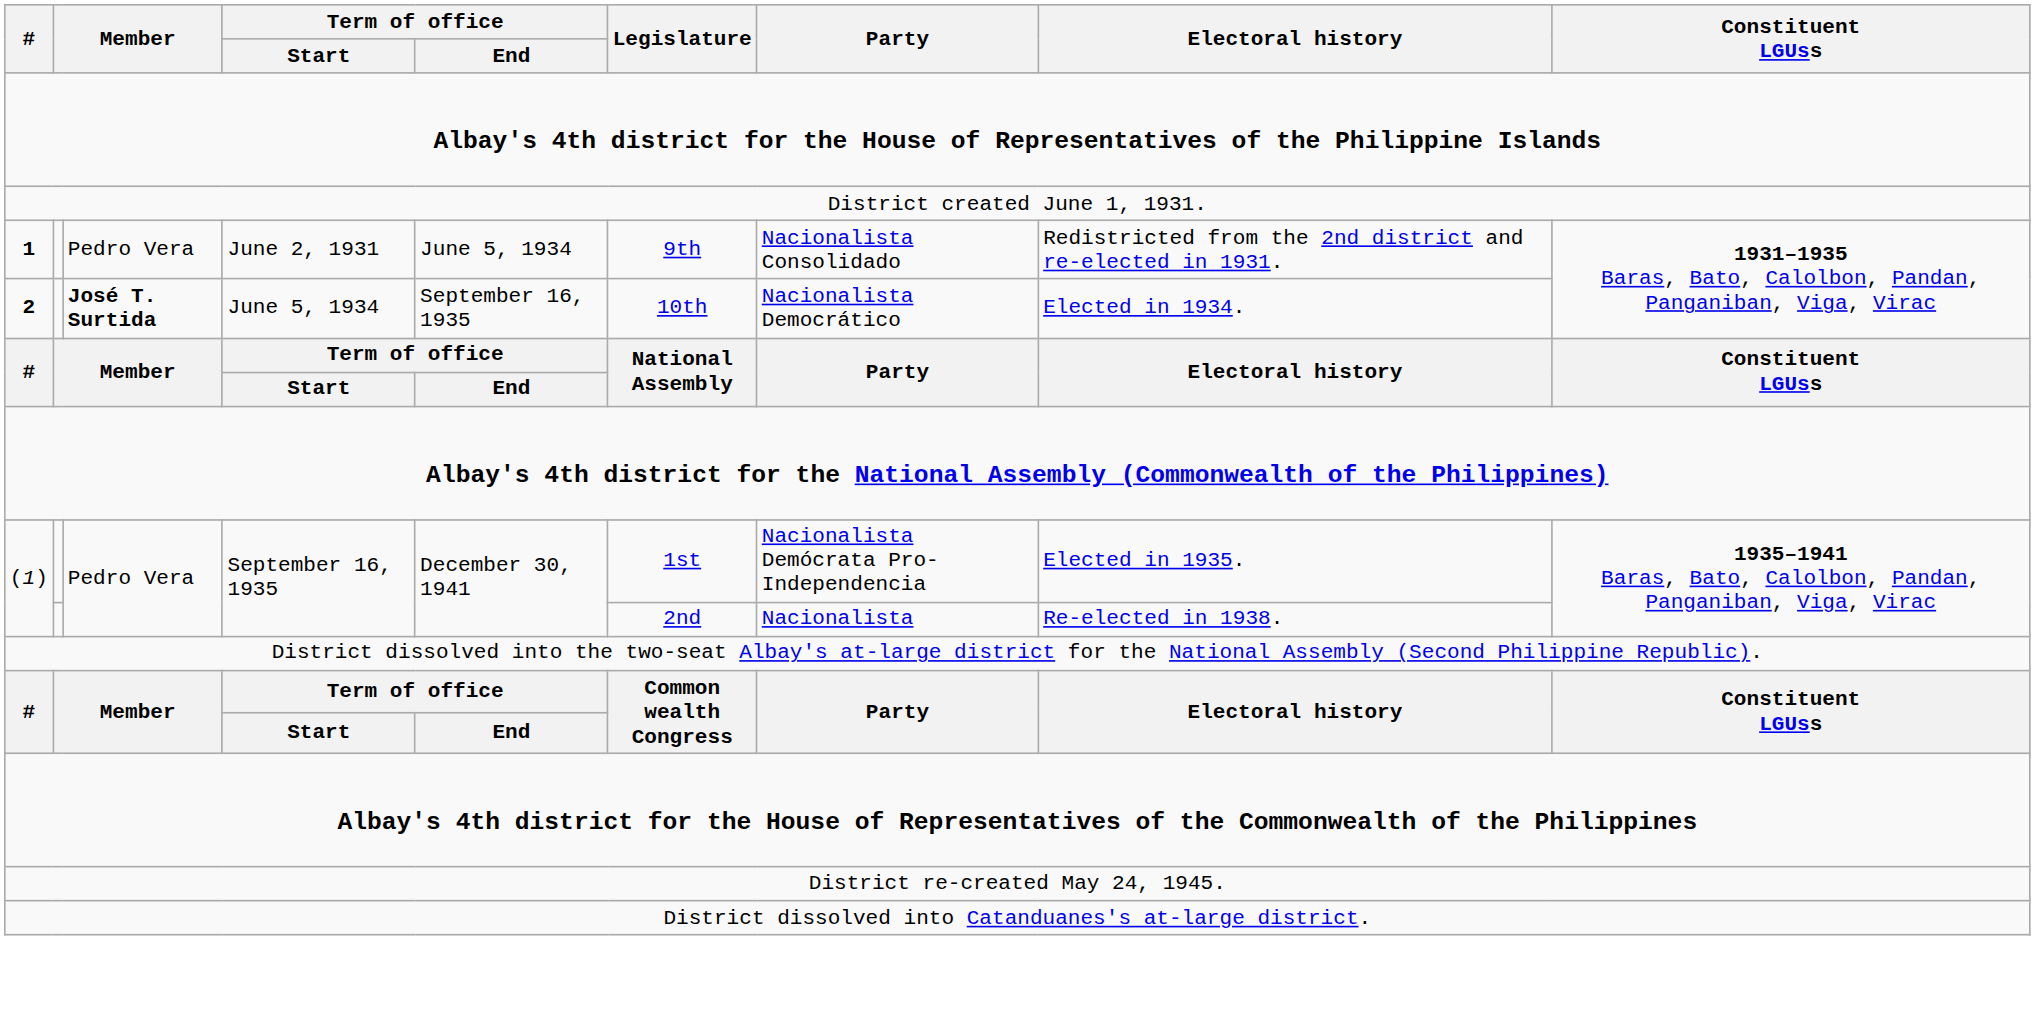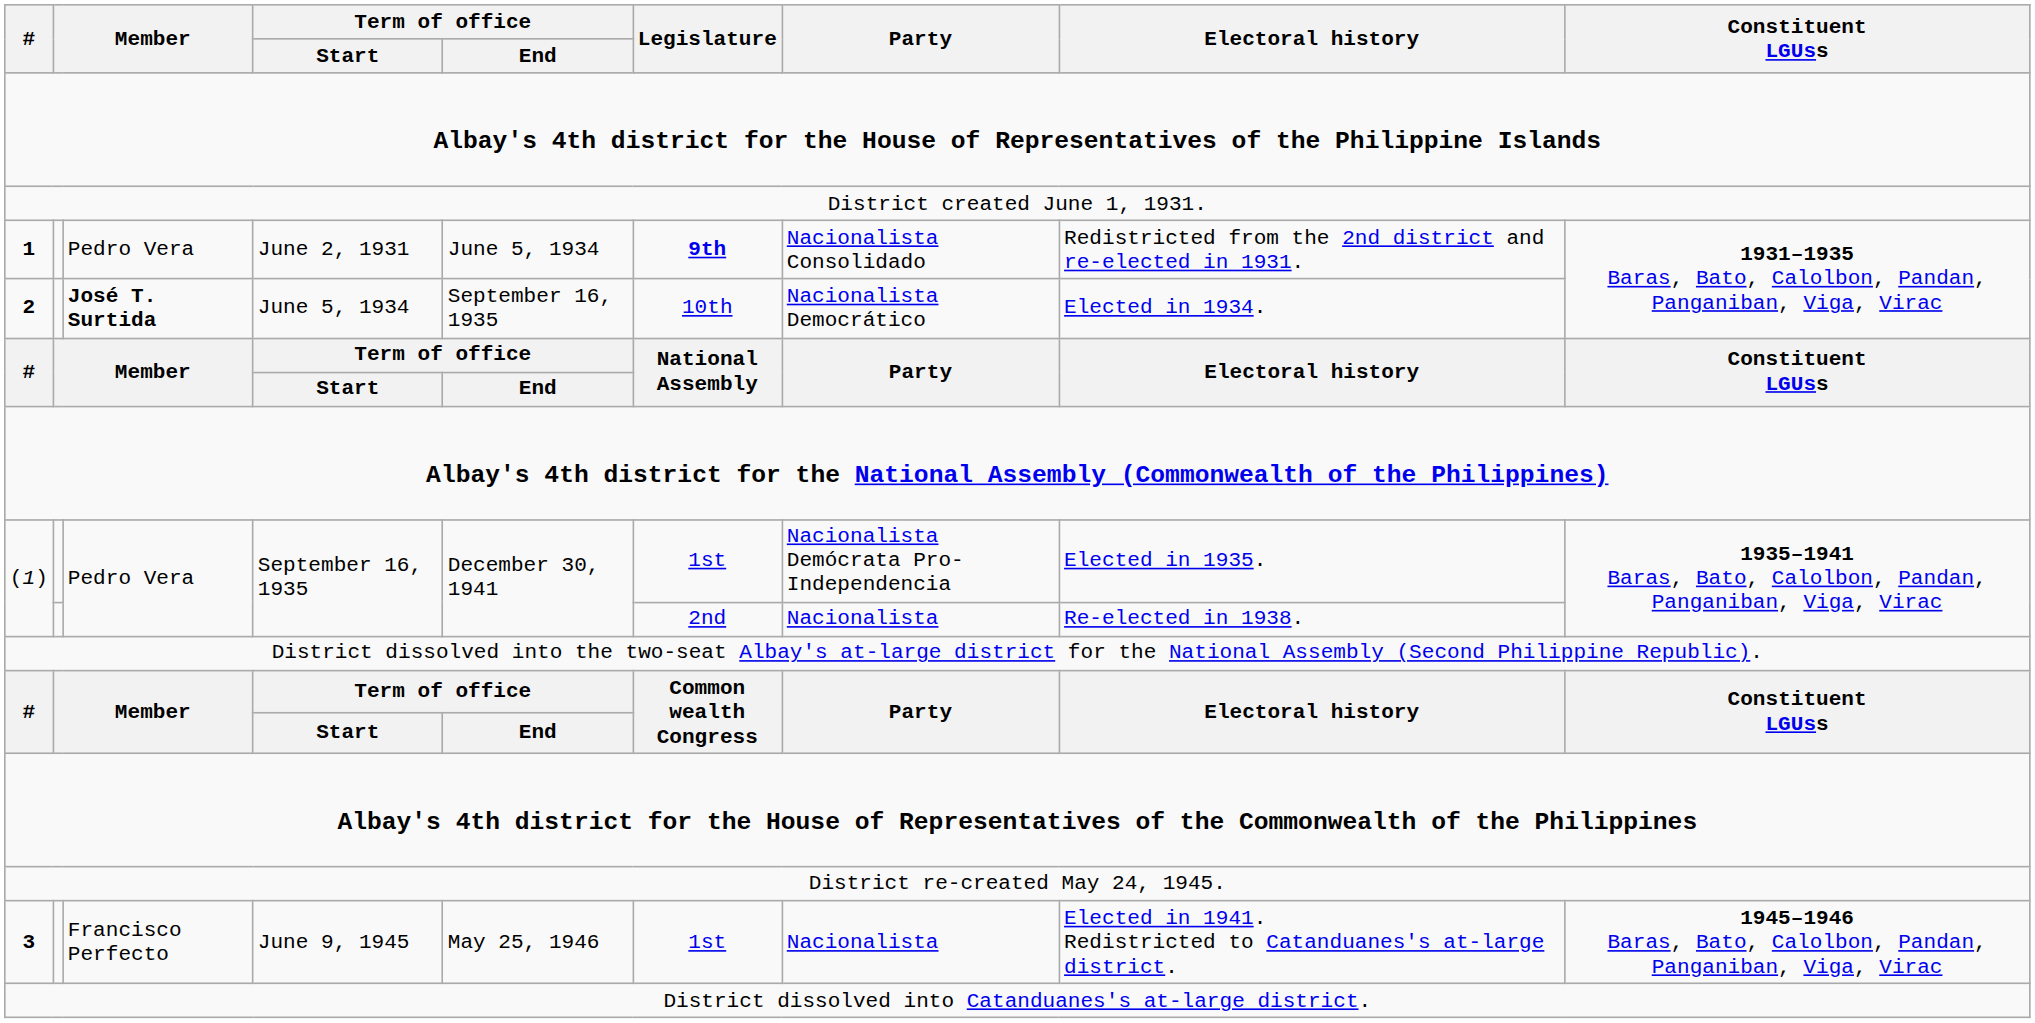 <table class=wikitable>
 <tr>
 <th rowspan="2">#</th>
 <th rowspan="2" colspan=2>Member</th>
 <th colspan=2>Term of office</th>
 <th rowspan="2">Legislature</th>
 <th rowspan="2">Party</th>
 <th rowspan="2">Electoral history</th>
 <th rowspan="2">Constituent<br><a href='#'>LGUs</a>s</th>
 </tr>
 <tr>
 <th>Start</th>
 <th>End</th>
 </tr>
 <tr>
 <td colspan="9" style="text-align:center;"><br><h3>Albay's 4th district for the House of Representatives of the Philippine Islands</h3></td>
 </tr>
 <tr>
 <td colspan="9" style="text-align:center;">District created June 1, 1931. </td>
 </tr>
 <tr>
 <td style="text-align:center;"><strong>1</strong></td>
 <td style="color:inherit;background:"></td>
 <td>Pedro Vera</td>
 <td>June 2, 1931</td>
 <td>June 5, 1934</td>
-<td style="text-align:center;"><a href='#'>9th</a></td>
+<td style="text-align:center;"><strong><a href='#'>9th</a></strong></td>
 <td><a href='#'>Nacionalista</a><br>Consolidado</td>
 <td>Redistricted from the <a href='#'>2nd district</a> and <a href='#'>re-elected in 1931</a>.</td>
 <td rowspan="2" style="text-align:center;"><strong>1931–1935</strong><br><a href='#'>Baras</a>, <a href='#'>Bato</a>, <a href='#'>Calolbon</a>, <a href='#'>Pandan</a>, <a href='#'>Panganiban</a>, <a href='#'>Viga</a>, <a href='#'>Virac</a></td>
 </tr>
 <tr>
 <td style="text-align:center;"><strong>2</strong></td>
 <td style="color:inherit;background:"></td>
 <td><strong>José T. Surtida</strong></td>
 <td>June 5, 1934</td>
 <td>September 16, 1935</td>
 <td style="text-align:center;"><a href='#'>10th</a></td>
 <td><a href='#'>Nacionalista</a><br>Democrático</td>
 <td><a href='#'>Elected in 1934</a>.</td>
 </tr>
 <tr>
 <th rowspan="2">#</th>
 <th rowspan="2" colspan=2>Member</th>
 <th colspan=2>Term of office</th>
 <th rowspan="2">National<br>Assembly</th>
 <th rowspan="2">Party</th>
 <th rowspan="2">Electoral history</th>
 <th rowspan="2">Constituent<br><a href='#'>LGUs</a>s</th>
 </tr>
 <tr>
 <th>Start</th>
 <th>End</th>
 </tr>
 <tr>
 <td colspan="9" style="text-align:center;"><br><h3>Albay's 4th district for the <a href='#'>National Assembly (Commonwealth of the Philippines)</a></h3></td>
 </tr>
 <tr>
 <td rowspan="2" style="text-align:center;">(<em>1</em>)</td>
 <td style="color:inherit;background:"></td>
 <td rowspan="2">Pedro Vera</td>
 <td rowspan="2">September 16, 1935</td>
 <td rowspan="2">December 30, 1941</td>
 <td style="text-align:center;"><a href='#'>1st</a></td>
 <td><a href='#'>Nacionalista</a><br>Demócrata Pro-Independencia</td>
 <td><a href='#'>Elected in 1935</a>.</td>
 <td rowspan="2" style="text-align:center;"><strong>1935–1941</strong><br><a href='#'>Baras</a>, <a href='#'>Bato</a>, <a href='#'>Calolbon</a>, <a href='#'>Pandan</a>, <a href='#'>Panganiban</a>, <a href='#'>Viga</a>, <a href='#'>Virac</a></td>
 </tr>
 <tr>
 <td style="color:inherit;background:"></td>
 <td style="text-align:center;"><a href='#'>2nd</a></td>
 <td><a href='#'>Nacionalista</a></td>
 <td><a href='#'>Re-elected in 1938</a>.</td>
 </tr>
 <tr>
 <td colspan="9" style="text-align:center;">District dissolved into the two-seat <a href='#'>Albay's at-large district</a> for the <a href='#'>National Assembly (Second Philippine Republic)</a>.</td>
 </tr>
 <tr>
 <th rowspan="2">#</th>
 <th rowspan="2" colspan=2>Member</th>
 <th colspan=2>Term of office</th>
 <th rowspan="2">Common<br>wealth<br>Congress</th>
 <th rowspan="2">Party</th>
 <th rowspan="2">Electoral history</th>
 <th rowspan="2">Constituent<br><a href='#'>LGUs</a>s</th>
 </tr>
 <tr>
 <th>Start</th>
 <th>End</th>
 </tr>
 <tr>
 <td colspan="9" style="text-align:center;"><br><h3>Albay's 4th district for the House of Representatives of the Commonwealth of the Philippines</h3></td>
 </tr>
 <tr>
 <td colspan="9" style="text-align:center;">District re-created May 24, 1945.</td>
 </tr>
 <tr>
+<td style="text-align:center;"><strong>3</strong></td>
+<td style="color:inherit;background:"></td>
+<td>Francisco Perfecto</td>
+<td>June 9, 1945</td>
+<td>May 25, 1946</td>
+<td style="text-align:center;"><a href='#'>1st</a></td>
+<td><a href='#'>Nacionalista</a></td>
+<td><a href='#'>Elected in 1941</a>.<br>Redistricted to <a href='#'>Catanduanes's at-large district</a>.</td>
+<td style="text-align:center;"><strong>1945–1946</strong><br><a href='#'>Baras</a>, <a href='#'>Bato</a>, <a href='#'>Calolbon</a>, <a href='#'>Pandan</a>, <a href='#'>Panganiban</a>, <a href='#'>Viga</a>, <a href='#'>Virac</a></td>
+</tr>
+<tr>
 <td colspan="9" style="text-align:center;">District dissolved into <a href='#'>Catanduanes's at-large district</a>.</td>
 </tr>
 </table>
